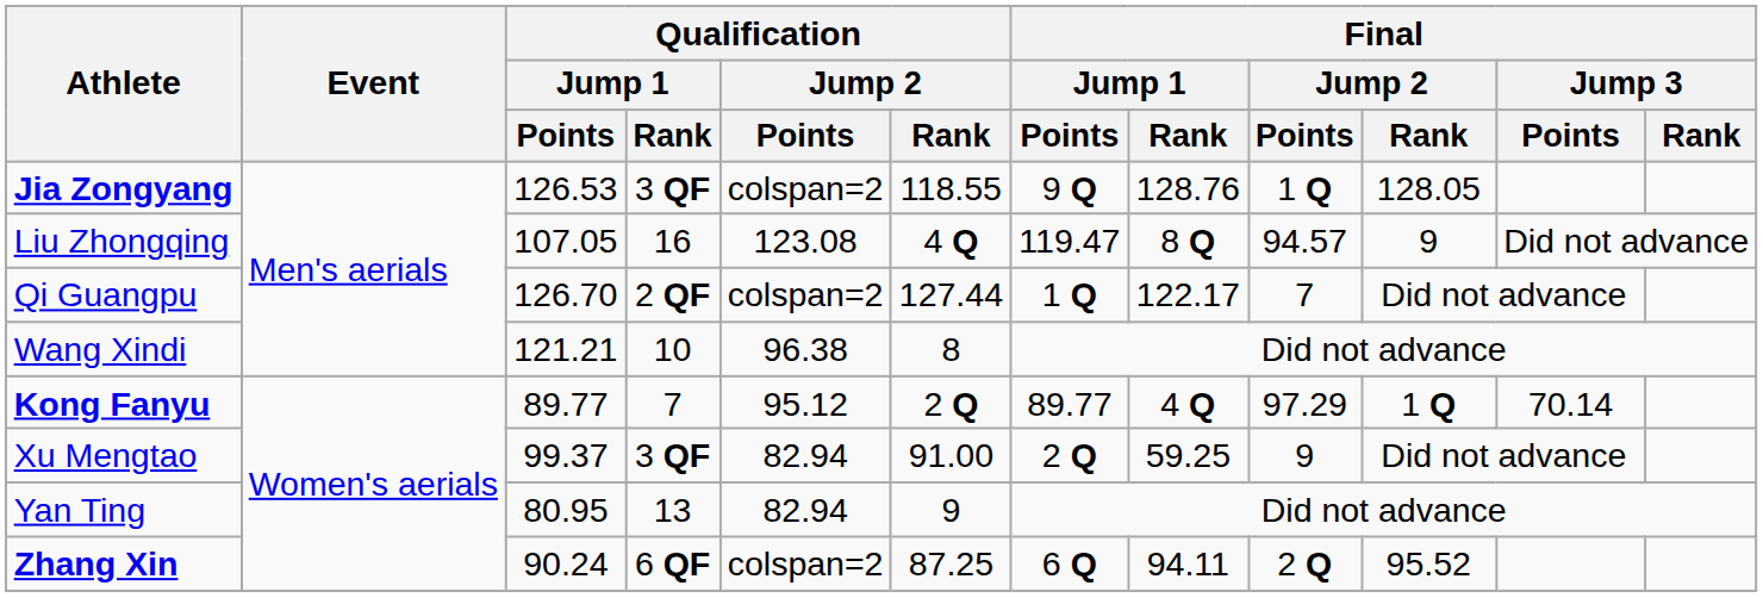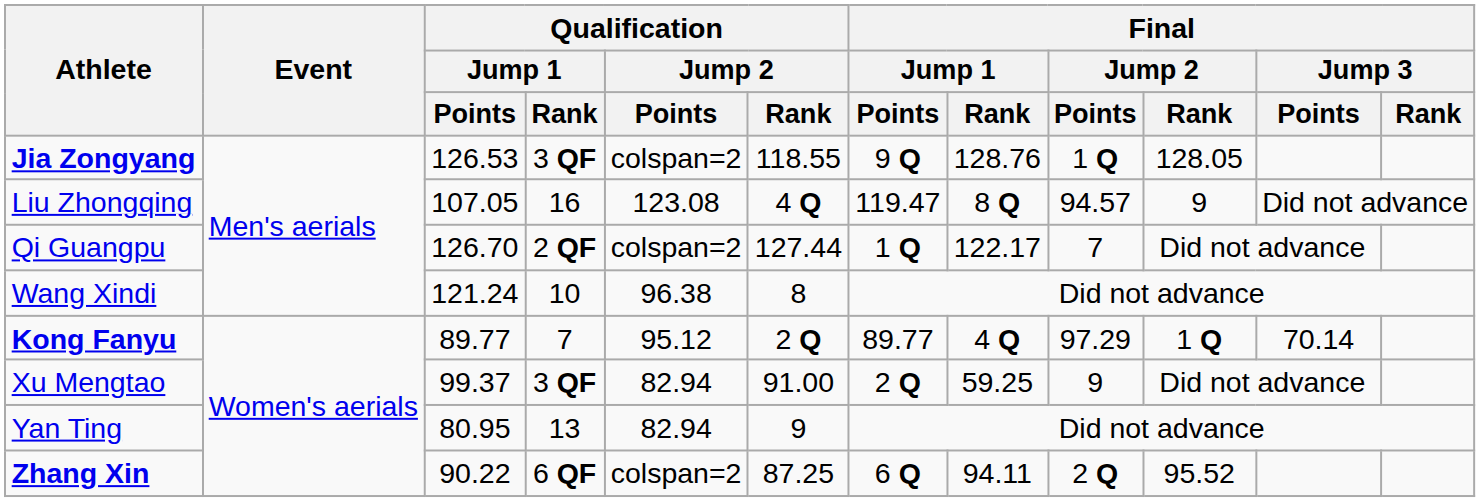 <table class="wikitable" style="font-size:90%">
 <tr>
 <th rowspan="3">Athlete</th>
 <th rowspan="3">Event</th>
 <th colspan=4>Qualification</th>
 <th colspan=6>Final</th>
 </tr>
 <tr style="font-size:95%">
 <th colspan=2>Jump 1</th>
 <th colspan=2>Jump 2</th>
 <th colspan=2>Jump 1</th>
 <th colspan=2>Jump 2</th>
 <th colspan=2>Jump 3</th>
 </tr>
 <tr style="font-size:95%">
 <th>Points</th>
 <th>Rank</th>
 <th>Points</th>
 <th>Rank</th>
 <th>Points</th>
 <th>Rank</th>
 <th>Points</th>
 <th>Rank</th>
 <th>Points</th>
 <th>Rank</th>
 </tr>
 <tr align=center>
 <td align=left><strong><a href='#'>Jia Zongyang</a></strong></td>
 <td rowspan="4" align="left"><a href='#'>Men's aerials</a></td>
 <td>126.53</td>
 <td>3 <strong>QF</strong></td>
 <td>colspan=2 </td>
 <td>118.55</td>
 <td>9 <strong>Q</strong></td>
 <td>128.76</td>
 <td>1 <strong>Q</strong></td>
 <td>128.05</td>
 <td></td>
 </tr>
 <tr align=center>
 <td align=left><a href='#'>Liu Zhongqing</a></td>
 <td>107.05</td>
 <td>16</td>
 <td>123.08</td>
 <td>4 <strong>Q</strong></td>
 <td>119.47</td>
 <td>8 <strong>Q</strong></td>
 <td>94.57</td>
 <td>9</td>
 <td colspan=2>Did not advance</td>
 </tr>
 <tr align=center>
 <td align=left><a href='#'>Qi Guangpu</a></td>
 <td>126.70</td>
 <td>2 <strong>QF</strong></td>
 <td>colspan=2 </td>
 <td>127.44</td>
 <td>1 <strong>Q</strong></td>
 <td>122.17</td>
 <td>7</td>
 <td colspan=2>Did not advance</td>
 </tr>
 <tr align=center>
 <td align=left><a href='#'>Wang Xindi</a></td>
-<td>121.21</td>
+<td>121.24</td>
 <td>10</td>
 <td>96.38</td>
 <td>8</td>
 <td colspan=6>Did not advance</td>
 </tr>
 <tr align=center>
 <td align=left><strong><a href='#'>Kong Fanyu</a></strong></td>
 <td align=left rowspan=4><a href='#'>Women's aerials</a></td>
 <td>89.77</td>
 <td>7</td>
 <td>95.12</td>
 <td>2 <strong>Q</strong></td>
 <td>89.77</td>
 <td>4 <strong>Q</strong></td>
 <td>97.29</td>
 <td>1 <strong>Q</strong></td>
 <td>70.14</td>
 <td></td>
 </tr>
 <tr align=center>
 <td align=left><a href='#'>Xu Mengtao</a></td>
 <td>99.37</td>
 <td>3 <strong>QF</strong></td>
 <td>82.94</td>
 <td>91.00</td>
 <td>2 <strong>Q</strong></td>
 <td>59.25</td>
 <td>9</td>
 <td colspan=2>Did not advance</td>
 </tr>
 <tr align=center>
 <td align=left><a href='#'>Yan Ting</a></td>
 <td>80.95</td>
 <td>13</td>
 <td>82.94</td>
 <td>9</td>
 <td colspan=6>Did not advance</td>
 </tr>
 <tr align=center>
 <td align=left><strong><a href='#'>Zhang Xin</a></strong></td>
-<td>90.24</td>
+<td>90.22</td>
 <td>6 <strong>QF</strong></td>
 <td>colspan=2 </td>
 <td>87.25</td>
 <td>6 <strong>Q</strong></td>
 <td>94.11</td>
 <td>2 <strong>Q</strong></td>
 <td>95.52</td>
 <td></td>
 </tr>
 </table>
